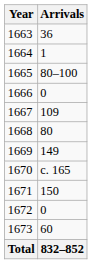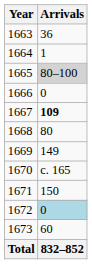 <table class="wikitable" style="float: right;">
 <tr>
 <th>Year</th>
 <th>Arrivals</th>
 </tr>
 <tr>
 <td>1663</td>
 <td>36</td>
 </tr>
 <tr>
 <td>1664</td>
 <td>1</td>
 </tr>
 <tr>
 <td>1665</td>
-<td>80–100</td>
+<td style="background: lightgrey;">80–100</td>
 </tr>
 <tr>
 <td>1666</td>
 <td>0</td>
 </tr>
 <tr>
 <td>1667</td>
-<td>109</td>
+<td><strong>109</strong></td>
 </tr>
 <tr>
 <td>1668</td>
 <td>80</td>
 </tr>
 <tr>
 <td>1669</td>
 <td>149</td>
 </tr>
 <tr>
 <td>1670</td>
 <td>c. 165</td>
 </tr>
 <tr>
 <td>1671</td>
 <td>150</td>
 </tr>
 <tr>
 <td>1672</td>
-<td>0</td>
+<td style="background: lightblue;">0</td>
 </tr>
 <tr>
 <td>1673</td>
 <td>60</td>
 </tr>
 <tr>
 <th>Total</th>
 <th>832–852</th>
 </tr>
 </table>
